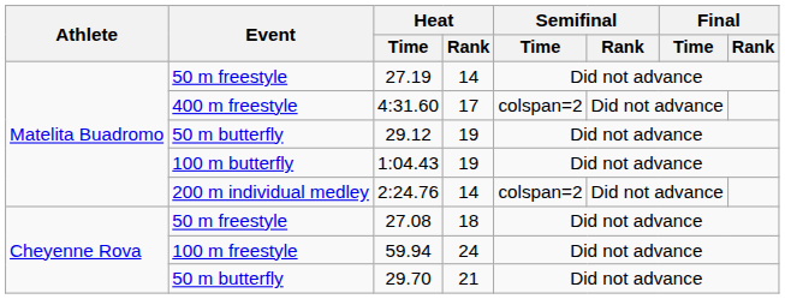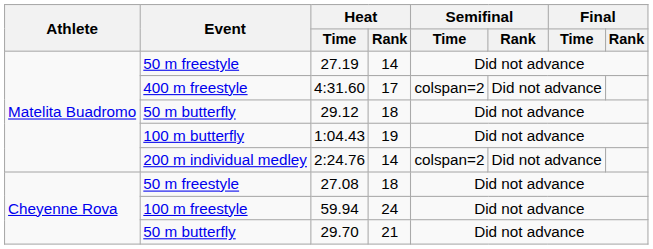 <table class=wikitable style=font-size:90%>
 <tr>
 <th rowspan=2>Athlete</th>
 <th rowspan=2>Event</th>
 <th colspan=2>Heat</th>
 <th colspan=2>Semifinal</th>
 <th colspan=2>Final</th>
 </tr>
 <tr style=font-size:95%>
 <th>Time</th>
 <th>Rank</th>
 <th>Time</th>
 <th>Rank</th>
 <th>Time</th>
 <th>Rank</th>
 </tr>
 <tr align=center>
 <td align=left rowspan=5><a href='#'>Matelita Buadromo</a></td>
 <td align=left><a href='#'>50 m freestyle</a></td>
 <td>27.19</td>
 <td>14</td>
 <td colspan=4>Did not advance</td>
 </tr>
 <tr align=center>
 <td align=left><a href='#'>400 m freestyle</a></td>
 <td>4:31.60</td>
 <td>17</td>
 <td>colspan=2 </td>
 <td colspan=2>Did not advance</td>
 </tr>
 <tr align=center>
 <td align=left><a href='#'>50 m butterfly</a></td>
 <td>29.12</td>
-<td>19</td>
+<td>18</td>
 <td colspan=4>Did not advance</td>
 </tr>
 <tr align=center>
 <td align=left><a href='#'>100 m butterfly</a></td>
 <td>1:04.43</td>
 <td>19</td>
 <td colspan=4>Did not advance</td>
 </tr>
 <tr align=center>
 <td align=left><a href='#'>200 m individual medley</a></td>
 <td>2:24.76</td>
 <td>14</td>
 <td>colspan=2 </td>
 <td colspan=2>Did not advance</td>
 </tr>
 <tr align=center>
 <td align=left rowspan=3><a href='#'>Cheyenne Rova</a></td>
 <td align=left><a href='#'>50 m freestyle</a></td>
 <td>27.08</td>
 <td>18</td>
 <td colspan=4>Did not advance</td>
 </tr>
 <tr align=center>
 <td align=left><a href='#'>100 m freestyle</a></td>
 <td>59.94</td>
 <td>24</td>
 <td colspan=4>Did not advance</td>
 </tr>
 <tr align=center>
 <td align=left><a href='#'>50 m butterfly</a></td>
 <td>29.70</td>
 <td>21</td>
 <td colspan=4>Did not advance</td>
 </tr>
 </table>
